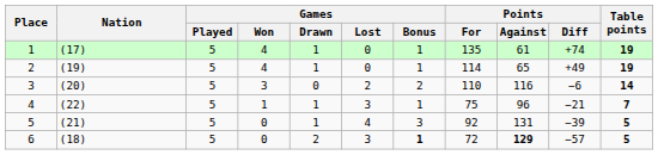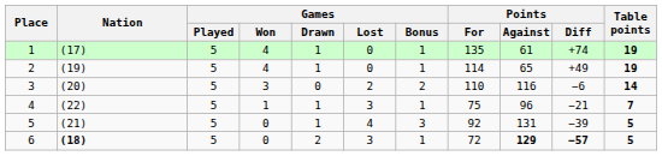 <table class="wikitable" style="text-align:center">
 <tr>
 <th rowspan=2 width="8%">Place</th>
 <th rowspan=2 width="20%">Nation</th>
 <th colspan=5 width="40%">Games</th>
 <th colspan=3 width="24%">Points</th>
 <th rowspan=2 width="10%">Table<br>points</th>
 </tr>
 <tr>
 <th width="8%">Played</th>
 <th width="8%">Won</th>
 <th width="8%">Drawn</th>
 <th width="8%">Lost</th>
 <th width="8%">Bonus</th>
 <th width="8%">For</th>
 <th width="8%">Against</th>
 <th width="8%">Diff</th>
 </tr>
 <tr bgcolor="#ccffcc">
 <td>1</td>
 <td align=left> (17)</td>
 <td>5</td>
 <td>4</td>
 <td>1</td>
 <td>0</td>
 <td>1</td>
 <td>135</td>
 <td>61</td>
 <td>+74</td>
 <td><strong>19</strong></td>
 </tr>
 <tr>
 <td>2</td>
 <td align=left> (19)</td>
 <td>5</td>
 <td>4</td>
 <td>1</td>
 <td>0</td>
 <td>1</td>
 <td>114</td>
 <td>65</td>
 <td>+49</td>
 <td><strong>19</strong></td>
 </tr>
 <tr>
 <td>3</td>
 <td align=left> (20)</td>
 <td>5</td>
 <td>3</td>
 <td>0</td>
 <td>2</td>
 <td>2</td>
 <td>110</td>
 <td>116</td>
 <td>−6</td>
 <td><strong>14</strong></td>
 </tr>
 <tr>
 <td>4</td>
 <td align=left> (22)</td>
 <td>5</td>
 <td>1</td>
 <td>1</td>
 <td>3</td>
 <td>1</td>
 <td>75</td>
 <td>96</td>
 <td>−21</td>
 <td><strong>7</strong></td>
 </tr>
 <tr>
 <td>5</td>
 <td align=left> (21)</td>
 <td>5</td>
 <td>0</td>
 <td>1</td>
 <td>4</td>
 <td>3</td>
 <td>92</td>
 <td>131</td>
 <td>−39</td>
 <td><strong>5</strong></td>
 </tr>
 <tr>
 <td>6</td>
-<td align=left> (18)</td>
+<td align=left><strong> (18)</strong></td>
 <td>5</td>
 <td>0</td>
 <td>2</td>
 <td>3</td>
-<td><strong>1</strong></td>
+<td>1</td>
 <td>72</td>
 <td><strong>129</strong></td>
-<td>−57</td>
+<td><strong>−57</strong></td>
 <td><strong>5</strong></td>
 </tr>
 </table>
